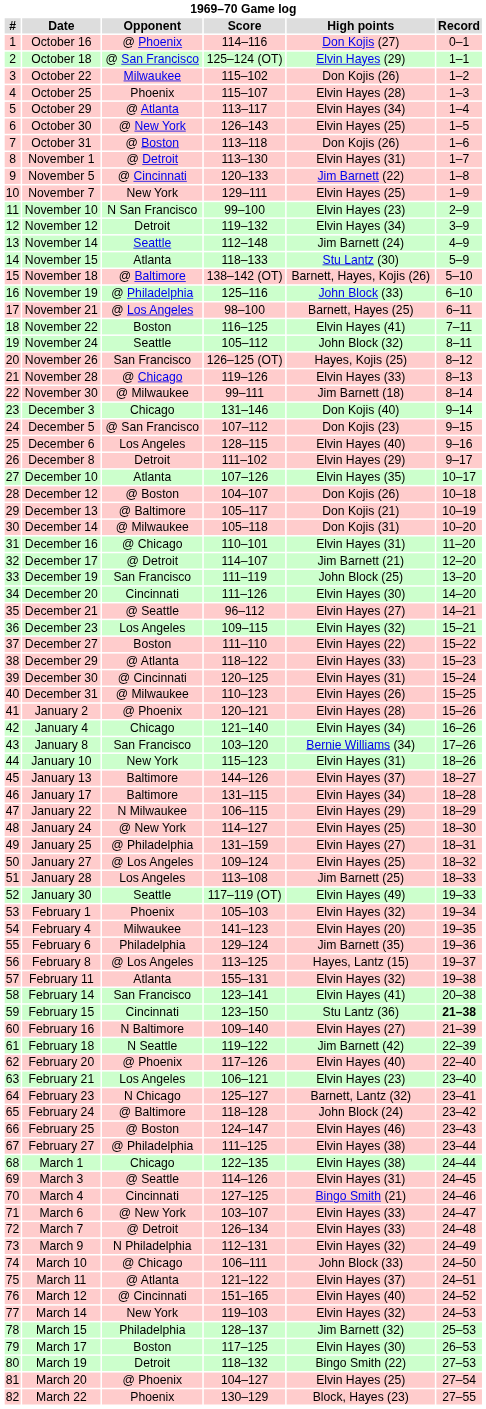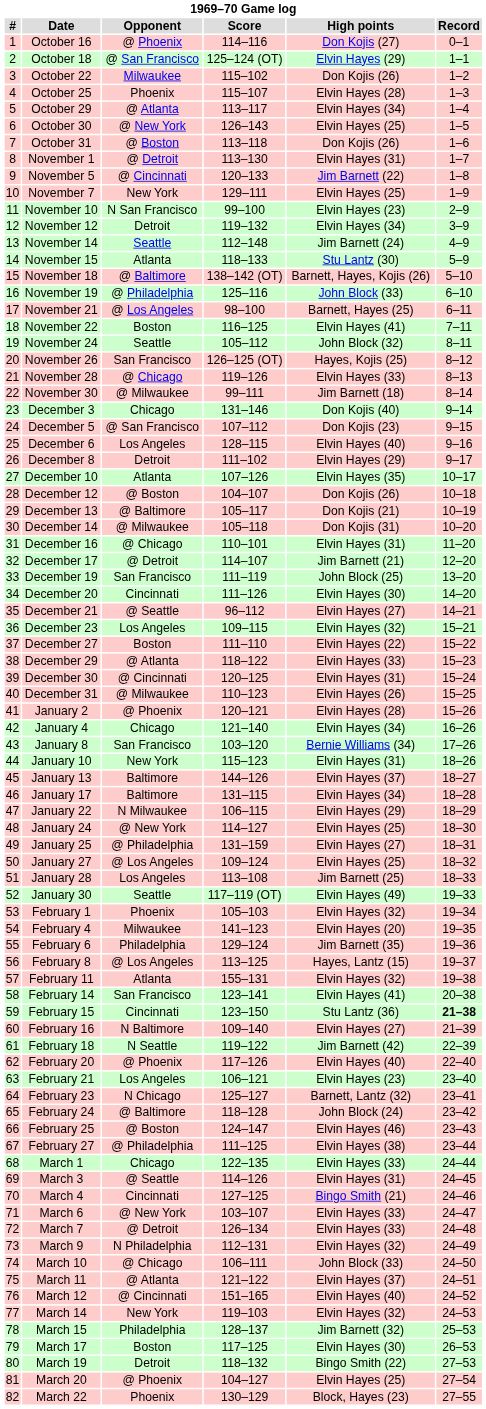 <table class="toccolours collapsible" width=50% style="clear:both; margin:1.5em auto; text-align:center">
 <tr>
 <th colspan=11>1969–70 Game log</th>
 </tr>
 <tr align="center" bgcolor="#dddddd">
 <td><strong>#</strong></td>
 <td><strong>Date</strong></td>
 <td><strong>Opponent</strong></td>
 <td><strong>Score</strong></td>
 <td><strong>High points</strong></td>
 <td><strong>Record</strong></td>
 </tr>
 <tr align="center" bgcolor="ffcccc">
 <td>1</td>
 <td>October 16</td>
 <td>@ <a href='#'>Phoenix</a></td>
 <td>114–116</td>
 <td><a href='#'>Don Kojis</a> (27)</td>
 <td>0–1</td>
 </tr>
 <tr align="center" bgcolor="ccffcc">
 <td>2</td>
 <td>October 18</td>
 <td>@ <a href='#'>San Francisco</a></td>
 <td>125–124 (OT)</td>
 <td><a href='#'>Elvin Hayes</a> (29)</td>
 <td>1–1</td>
 </tr>
 <tr align="center" bgcolor="ffcccc">
 <td>3</td>
 <td>October 22</td>
 <td><a href='#'>Milwaukee</a></td>
 <td>115–102</td>
 <td>Don Kojis (26)</td>
 <td>1–2</td>
 </tr>
 <tr align="center" bgcolor="ffcccc">
 <td>4</td>
 <td>October 25</td>
 <td>Phoenix</td>
 <td>115–107</td>
 <td>Elvin Hayes (28)</td>
 <td>1–3</td>
 </tr>
 <tr align="center" bgcolor="ffcccc">
 <td>5</td>
 <td>October 29</td>
 <td>@ <a href='#'>Atlanta</a></td>
 <td>113–117</td>
 <td>Elvin Hayes (34)</td>
 <td>1–4</td>
 </tr>
 <tr align="center" bgcolor="ffcccc">
 <td>6</td>
 <td>October 30</td>
 <td>@ <a href='#'>New York</a></td>
 <td>126–143</td>
 <td>Elvin Hayes (25)</td>
 <td>1–5</td>
 </tr>
 <tr align="center" bgcolor="ffcccc">
 <td>7</td>
 <td>October 31</td>
 <td>@ <a href='#'>Boston</a></td>
 <td>113–118</td>
 <td>Don Kojis (26)</td>
 <td>1–6</td>
 </tr>
 <tr align="center" bgcolor="ffcccc">
 <td>8</td>
 <td>November 1</td>
 <td>@ <a href='#'>Detroit</a></td>
 <td>113–130</td>
 <td>Elvin Hayes (31)</td>
 <td>1–7</td>
 </tr>
 <tr align="center" bgcolor="ffcccc">
 <td>9</td>
 <td>November 5</td>
 <td>@ <a href='#'>Cincinnati</a></td>
 <td>120–133</td>
 <td><a href='#'>Jim Barnett</a> (22)</td>
 <td>1–8</td>
 </tr>
 <tr align="center" bgcolor="ffcccc">
 <td>10</td>
 <td>November 7</td>
 <td>New York</td>
 <td>129–111</td>
 <td>Elvin Hayes (25)</td>
 <td>1–9</td>
 </tr>
 <tr align="center" bgcolor="ccffcc">
 <td>11</td>
 <td>November 10</td>
 <td>N San Francisco</td>
 <td>99–100</td>
 <td>Elvin Hayes (23)</td>
 <td>2–9</td>
 </tr>
 <tr align="center" bgcolor="ccffcc">
 <td>12</td>
 <td>November 12</td>
 <td>Detroit</td>
 <td>119–132</td>
 <td>Elvin Hayes (34)</td>
 <td>3–9</td>
 </tr>
 <tr align="center" bgcolor="ccffcc">
 <td>13</td>
 <td>November 14</td>
 <td><a href='#'>Seattle</a></td>
 <td>112–148</td>
 <td>Jim Barnett (24)</td>
 <td>4–9</td>
 </tr>
 <tr align="center" bgcolor="ccffcc">
 <td>14</td>
 <td>November 15</td>
 <td>Atlanta</td>
 <td>118–133</td>
 <td><a href='#'>Stu Lantz</a> (30)</td>
 <td>5–9</td>
 </tr>
 <tr align="center" bgcolor="ffcccc">
 <td>15</td>
 <td>November 18</td>
 <td>@ <a href='#'>Baltimore</a></td>
 <td>138–142 (OT)</td>
 <td>Barnett, Hayes, Kojis (26)</td>
 <td>5–10</td>
 </tr>
 <tr align="center" bgcolor="ccffcc">
 <td>16</td>
 <td>November 19</td>
 <td>@ <a href='#'>Philadelphia</a></td>
 <td>125–116</td>
 <td><a href='#'>John Block</a> (33)</td>
 <td>6–10</td>
 </tr>
 <tr align="center" bgcolor="ffcccc">
 <td>17</td>
 <td>November 21</td>
 <td>@ <a href='#'>Los Angeles</a></td>
 <td>98–100</td>
 <td>Barnett, Hayes (25)</td>
 <td>6–11</td>
 </tr>
 <tr align="center" bgcolor="ccffcc">
 <td>18</td>
 <td>November 22</td>
 <td>Boston</td>
 <td>116–125</td>
 <td>Elvin Hayes (41)</td>
 <td>7–11</td>
 </tr>
 <tr align="center" bgcolor="ccffcc">
 <td>19</td>
 <td>November 24</td>
 <td>Seattle</td>
 <td>105–112</td>
 <td>John Block (32)</td>
 <td>8–11</td>
 </tr>
 <tr align="center" bgcolor="ffcccc">
 <td>20</td>
 <td>November 26</td>
 <td>San Francisco</td>
 <td>126–125 (OT)</td>
 <td>Hayes, Kojis (25)</td>
 <td>8–12</td>
 </tr>
 <tr align="center" bgcolor="ffcccc">
 <td>21</td>
 <td>November 28</td>
 <td>@ <a href='#'>Chicago</a></td>
 <td>119–126</td>
 <td>Elvin Hayes (33)</td>
 <td>8–13</td>
 </tr>
 <tr align="center" bgcolor="ffcccc">
 <td>22</td>
 <td>November 30</td>
 <td>@ Milwaukee</td>
 <td>99–111</td>
 <td>Jim Barnett (18)</td>
 <td>8–14</td>
 </tr>
 <tr align="center" bgcolor="ccffcc">
 <td>23</td>
 <td>December 3</td>
 <td>Chicago</td>
 <td>131–146</td>
 <td>Don Kojis (40)</td>
 <td>9–14</td>
 </tr>
 <tr align="center" bgcolor="ffcccc">
 <td>24</td>
 <td>December 5</td>
 <td>@ San Francisco</td>
 <td>107–112</td>
 <td>Don Kojis (23)</td>
 <td>9–15</td>
 </tr>
 <tr align="center" bgcolor="ffcccc">
 <td>25</td>
 <td>December 6</td>
 <td>Los Angeles</td>
 <td>128–115</td>
 <td>Elvin Hayes (40)</td>
 <td>9–16</td>
 </tr>
 <tr align="center" bgcolor="ffcccc">
 <td>26</td>
 <td>December 8</td>
 <td>Detroit</td>
 <td>111–102</td>
 <td>Elvin Hayes (29)</td>
 <td>9–17</td>
 </tr>
 <tr align="center" bgcolor="ccffcc">
 <td>27</td>
 <td>December 10</td>
 <td>Atlanta</td>
 <td>107–126</td>
 <td>Elvin Hayes (35)</td>
 <td>10–17</td>
 </tr>
 <tr align="center" bgcolor="ffcccc">
 <td>28</td>
 <td>December 12</td>
 <td>@ Boston</td>
 <td>104–107</td>
 <td>Don Kojis (26)</td>
 <td>10–18</td>
 </tr>
 <tr align="center" bgcolor="ffcccc">
 <td>29</td>
 <td>December 13</td>
 <td>@ Baltimore</td>
 <td>105–117</td>
 <td>Don Kojis (21)</td>
 <td>10–19</td>
 </tr>
 <tr align="center" bgcolor="ffcccc">
 <td>30</td>
 <td>December 14</td>
 <td>@ Milwaukee</td>
 <td>105–118</td>
 <td>Don Kojis (31)</td>
 <td>10–20</td>
 </tr>
 <tr align="center" bgcolor="ccffcc">
 <td>31</td>
 <td>December 16</td>
 <td>@ Chicago</td>
 <td>110–101</td>
 <td>Elvin Hayes (31)</td>
 <td>11–20</td>
 </tr>
 <tr align="center" bgcolor="ccffcc">
 <td>32</td>
 <td>December 17</td>
 <td>@ Detroit</td>
 <td>114–107</td>
 <td>Jim Barnett (21)</td>
 <td>12–20</td>
 </tr>
 <tr align="center" bgcolor="ccffcc">
 <td>33</td>
 <td>December 19</td>
 <td>San Francisco</td>
 <td>111–119</td>
 <td>John Block (25)</td>
 <td>13–20</td>
 </tr>
 <tr align="center" bgcolor="ccffcc">
 <td>34</td>
 <td>December 20</td>
 <td>Cincinnati</td>
 <td>111–126</td>
 <td>Elvin Hayes (30)</td>
 <td>14–20</td>
 </tr>
 <tr align="center" bgcolor="ffcccc">
 <td>35</td>
 <td>December 21</td>
 <td>@ Seattle</td>
 <td>96–112</td>
 <td>Elvin Hayes (27)</td>
 <td>14–21</td>
 </tr>
 <tr align="center" bgcolor="ccffcc">
 <td>36</td>
 <td>December 23</td>
 <td>Los Angeles</td>
 <td>109–115</td>
 <td>Elvin Hayes (32)</td>
 <td>15–21</td>
 </tr>
 <tr align="center" bgcolor="ffcccc">
 <td>37</td>
 <td>December 27</td>
 <td>Boston</td>
 <td>111–110</td>
 <td>Elvin Hayes (22)</td>
 <td>15–22</td>
 </tr>
 <tr align="center" bgcolor="ffcccc">
 <td>38</td>
 <td>December 29</td>
 <td>@ Atlanta</td>
 <td>118–122</td>
 <td>Elvin Hayes (33)</td>
 <td>15–23</td>
 </tr>
 <tr align="center" bgcolor="ffcccc">
 <td>39</td>
 <td>December 30</td>
 <td>@ Cincinnati</td>
 <td>120–125</td>
 <td>Elvin Hayes (31)</td>
 <td>15–24</td>
 </tr>
 <tr align="center" bgcolor="ffcccc">
 <td>40</td>
 <td>December 31</td>
 <td>@ Milwaukee</td>
 <td>110–123</td>
 <td>Elvin Hayes (26)</td>
 <td>15–25</td>
 </tr>
 <tr align="center" bgcolor="ffcccc">
 <td>41</td>
 <td>January 2</td>
 <td>@ Phoenix</td>
 <td>120–121</td>
 <td>Elvin Hayes (28)</td>
 <td>15–26</td>
 </tr>
 <tr align="center" bgcolor="ccffcc">
 <td>42</td>
 <td>January 4</td>
 <td>Chicago</td>
 <td>121–140</td>
 <td>Elvin Hayes (34)</td>
 <td>16–26</td>
 </tr>
 <tr align="center" bgcolor="ccffcc">
 <td>43</td>
 <td>January 8</td>
 <td>San Francisco</td>
 <td>103–120</td>
 <td><a href='#'>Bernie Williams</a> (34)</td>
 <td>17–26</td>
 </tr>
 <tr align="center" bgcolor="ccffcc">
 <td>44</td>
 <td>January 10</td>
 <td>New York</td>
 <td>115–123</td>
 <td>Elvin Hayes (31)</td>
 <td>18–26</td>
 </tr>
 <tr align="center" bgcolor="ffcccc">
 <td>45</td>
 <td>January 13</td>
 <td>Baltimore</td>
 <td>144–126</td>
 <td>Elvin Hayes (37)</td>
 <td>18–27</td>
 </tr>
 <tr align="center" bgcolor="ffcccc">
 <td>46</td>
 <td>January 17</td>
 <td>Baltimore</td>
 <td>131–115</td>
 <td>Elvin Hayes (34)</td>
 <td>18–28</td>
 </tr>
 <tr align="center" bgcolor="ffcccc">
 <td>47</td>
 <td>January 22</td>
 <td>N Milwaukee</td>
 <td>106–115</td>
 <td>Elvin Hayes (29)</td>
 <td>18–29</td>
 </tr>
 <tr align="center" bgcolor="ffcccc">
 <td>48</td>
 <td>January 24</td>
 <td>@ New York</td>
 <td>114–127</td>
 <td>Elvin Hayes (25)</td>
 <td>18–30</td>
 </tr>
 <tr align="center" bgcolor="ffcccc">
 <td>49</td>
 <td>January 25</td>
 <td>@ Philadelphia</td>
 <td>131–159</td>
 <td>Elvin Hayes (27)</td>
 <td>18–31</td>
 </tr>
 <tr align="center" bgcolor="ffcccc">
 <td>50</td>
 <td>January 27</td>
 <td>@ Los Angeles</td>
 <td>109–124</td>
 <td>Elvin Hayes (25)</td>
 <td>18–32</td>
 </tr>
 <tr align="center" bgcolor="ffcccc">
 <td>51</td>
 <td>January 28</td>
 <td>Los Angeles</td>
 <td>113–108</td>
 <td>Jim Barnett (25)</td>
 <td>18–33</td>
 </tr>
 <tr align="center" bgcolor="ccffcc">
 <td>52</td>
 <td>January 30</td>
 <td>Seattle</td>
 <td>117–119 (OT)</td>
 <td>Elvin Hayes (49)</td>
 <td>19–33</td>
 </tr>
 <tr align="center" bgcolor="ffcccc">
 <td>53</td>
 <td>February 1</td>
 <td>Phoenix</td>
 <td>105–103</td>
 <td>Elvin Hayes (32)</td>
 <td>19–34</td>
 </tr>
 <tr align="center" bgcolor="ffcccc">
 <td>54</td>
 <td>February 4</td>
 <td>Milwaukee</td>
 <td>141–123</td>
 <td>Elvin Hayes (20)</td>
 <td>19–35</td>
 </tr>
 <tr align="center" bgcolor="ffcccc">
 <td>55</td>
 <td>February 6</td>
 <td>Philadelphia</td>
 <td>129–124</td>
 <td>Jim Barnett (35)</td>
 <td>19–36</td>
 </tr>
 <tr align="center" bgcolor="ffcccc">
 <td>56</td>
 <td>February 8</td>
 <td>@ Los Angeles</td>
 <td>113–125</td>
 <td>Hayes, Lantz (15)</td>
 <td>19–37</td>
 </tr>
 <tr align="center" bgcolor="ffcccc">
 <td>57</td>
 <td>February 11</td>
 <td>Atlanta</td>
 <td>155–131</td>
 <td>Elvin Hayes (32)</td>
 <td>19–38</td>
 </tr>
 <tr align="center" bgcolor="ccffcc">
 <td>58</td>
 <td>February 14</td>
 <td>San Francisco</td>
 <td>123–141</td>
 <td>Elvin Hayes (41)</td>
 <td>20–38</td>
 </tr>
 <tr align="center" bgcolor="ccffcc">
 <td>59</td>
 <td>February 15</td>
 <td>Cincinnati</td>
 <td>123–150</td>
 <td>Stu Lantz (36)</td>
 <td><strong>21–38</strong></td>
 </tr>
 <tr align="center" bgcolor="ffcccc">
 <td>60</td>
 <td>February 16</td>
 <td>N Baltimore</td>
 <td>109–140</td>
 <td>Elvin Hayes (27)</td>
 <td>21–39</td>
 </tr>
 <tr align="center" bgcolor="ccffcc">
 <td>61</td>
 <td>February 18</td>
 <td>N Seattle</td>
 <td>119–122</td>
 <td>Jim Barnett (42)</td>
 <td>22–39</td>
 </tr>
 <tr align="center" bgcolor="ffcccc">
 <td>62</td>
 <td>February 20</td>
 <td>@ Phoenix</td>
 <td>117–126</td>
 <td>Elvin Hayes (40)</td>
 <td>22–40</td>
 </tr>
 <tr align="center" bgcolor="ccffcc">
 <td>63</td>
 <td>February 21</td>
 <td>Los Angeles</td>
 <td>106–121</td>
 <td>Elvin Hayes (23)</td>
 <td>23–40</td>
 </tr>
 <tr align="center" bgcolor="ffcccc">
 <td>64</td>
 <td>February 23</td>
 <td>N Chicago</td>
 <td>125–127</td>
 <td>Barnett, Lantz (32)</td>
 <td>23–41</td>
 </tr>
 <tr align="center" bgcolor="ffcccc">
 <td>65</td>
 <td>February 24</td>
 <td>@ Baltimore</td>
 <td>118–128</td>
 <td>John Block (24)</td>
 <td>23–42</td>
 </tr>
 <tr align="center" bgcolor="ffcccc">
 <td>66</td>
 <td>February 25</td>
 <td>@ Boston</td>
 <td>124–147</td>
 <td>Elvin Hayes (46)</td>
 <td>23–43</td>
 </tr>
 <tr align="center" bgcolor="ffcccc">
 <td>67</td>
 <td>February 27</td>
 <td>@ Philadelphia</td>
 <td>111–125</td>
 <td>Elvin Hayes (38)</td>
 <td>23–44</td>
 </tr>
 <tr align="center" bgcolor="ccffcc">
 <td>68</td>
 <td>March 1</td>
 <td>Chicago</td>
 <td>122–135</td>
-<td>Elvin Hayes (38)</td>
+<td>Elvin Hayes (33)</td>
 <td>24–44</td>
 </tr>
 <tr align="center" bgcolor="ffcccc">
 <td>69</td>
 <td>March 3</td>
 <td>@ Seattle</td>
 <td>114–126</td>
 <td>Elvin Hayes (31)</td>
 <td>24–45</td>
 </tr>
 <tr align="center" bgcolor="ffcccc">
 <td>70</td>
 <td>March 4</td>
 <td>Cincinnati</td>
 <td>127–125</td>
 <td><a href='#'>Bingo Smith</a> (21)</td>
 <td>24–46</td>
 </tr>
 <tr align="center" bgcolor="ffcccc">
 <td>71</td>
 <td>March 6</td>
 <td>@ New York</td>
 <td>103–107</td>
 <td>Elvin Hayes (33)</td>
 <td>24–47</td>
 </tr>
 <tr align="center" bgcolor="ffcccc">
 <td>72</td>
 <td>March 7</td>
 <td>@ Detroit</td>
 <td>126–134</td>
 <td>Elvin Hayes (33)</td>
 <td>24–48</td>
 </tr>
 <tr align="center" bgcolor="ffcccc">
 <td>73</td>
 <td>March 9</td>
 <td>N Philadelphia</td>
 <td>112–131</td>
 <td>Elvin Hayes (32)</td>
 <td>24–49</td>
 </tr>
 <tr align="center" bgcolor="ffcccc">
 <td>74</td>
 <td>March 10</td>
 <td>@ Chicago</td>
 <td>106–111</td>
 <td>John Block (33)</td>
 <td>24–50</td>
 </tr>
 <tr align="center" bgcolor="ffcccc">
 <td>75</td>
 <td>March 11</td>
 <td>@ Atlanta</td>
 <td>121–122</td>
 <td>Elvin Hayes (37)</td>
 <td>24–51</td>
 </tr>
 <tr align="center" bgcolor="ffcccc">
 <td>76</td>
 <td>March 12</td>
 <td>@ Cincinnati</td>
 <td>151–165</td>
 <td>Elvin Hayes (40)</td>
 <td>24–52</td>
 </tr>
 <tr align="center" bgcolor="ffcccc">
 <td>77</td>
 <td>March 14</td>
 <td>New York</td>
 <td>119–103</td>
 <td>Elvin Hayes (32)</td>
 <td>24–53</td>
 </tr>
 <tr align="center" bgcolor="ccffcc">
 <td>78</td>
 <td>March 15</td>
 <td>Philadelphia</td>
 <td>128–137</td>
 <td>Jim Barnett (32)</td>
 <td>25–53</td>
 </tr>
 <tr align="center" bgcolor="ccffcc">
 <td>79</td>
 <td>March 17</td>
 <td>Boston</td>
 <td>117–125</td>
 <td>Elvin Hayes (30)</td>
 <td>26–53</td>
 </tr>
 <tr align="center" bgcolor="ccffcc">
 <td>80</td>
 <td>March 19</td>
 <td>Detroit</td>
 <td>118–132</td>
 <td>Bingo Smith (22)</td>
 <td>27–53</td>
 </tr>
 <tr align="center" bgcolor="ffcccc">
 <td>81</td>
 <td>March 20</td>
 <td>@ Phoenix</td>
 <td>104–127</td>
 <td>Elvin Hayes (25)</td>
 <td>27–54</td>
 </tr>
 <tr align="center" bgcolor="ffcccc">
 <td>82</td>
 <td>March 22</td>
 <td>Phoenix</td>
 <td>130–129</td>
 <td>Block, Hayes (23)</td>
 <td>27–55</td>
 </tr>
 </table>
